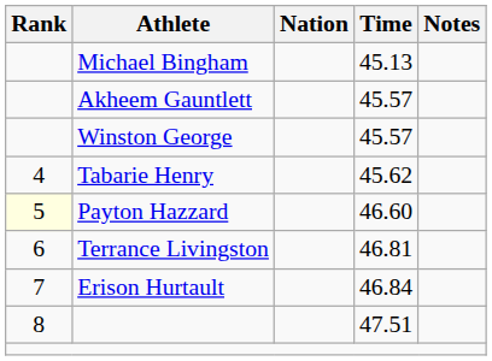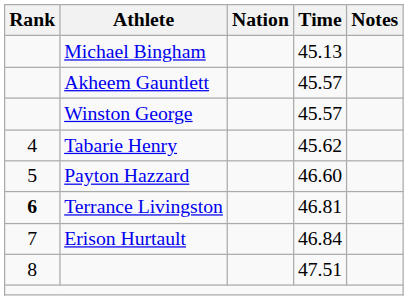 <table class="wikitable mw-datatable sortable" style="text-align:center;">
 <tr>
 <th>Rank</th>
 <th>Athlete</th>
 <th>Nation</th>
 <th>Time</th>
 <th>Notes</th>
 </tr>
 <tr>
 <td></td>
 <td align=left><a href='#'>Michael Bingham</a></td>
 <td align=left></td>
 <td>45.13</td>
 <td></td>
 </tr>
 <tr>
 <td></td>
 <td align=left><a href='#'>Akheem Gauntlett</a></td>
 <td align=left></td>
 <td>45.57</td>
 <td></td>
 </tr>
 <tr>
 <td></td>
 <td align=left><a href='#'>Winston George</a></td>
 <td align=left></td>
 <td>45.57</td>
 <td><strong></strong></td>
 </tr>
 <tr>
 <td>4</td>
 <td align=left><a href='#'>Tabarie Henry</a></td>
 <td align=left></td>
 <td>45.62</td>
 <td></td>
 </tr>
 <tr>
-<td style="background: lightyellow;">5</td>
+<td>5</td>
 <td align=left><a href='#'>Payton Hazzard</a></td>
 <td align=left></td>
 <td>46.60</td>
 <td></td>
 </tr>
 <tr>
-<td>6</td>
+<td><strong>6</strong></td>
 <td align=left><a href='#'>Terrance Livingston</a></td>
 <td align=left></td>
 <td>46.81</td>
 <td></td>
 </tr>
 <tr>
 <td>7</td>
 <td align=left><a href='#'>Erison Hurtault</a></td>
 <td align=left></td>
 <td>46.84</td>
 <td></td>
 </tr>
 <tr>
 <td>8</td>
 <td align=left><a href='#'></a></td>
 <td align=left></td>
 <td>47.51</td>
 <td></td>
 </tr>
 <tr class="sortbottom">
 <td colspan=5></td>
 </tr>
 </table>
